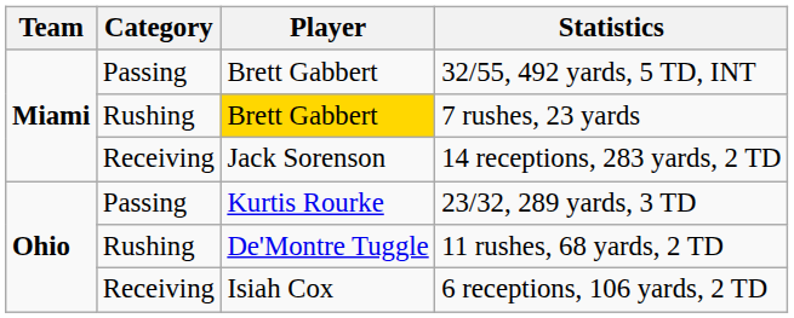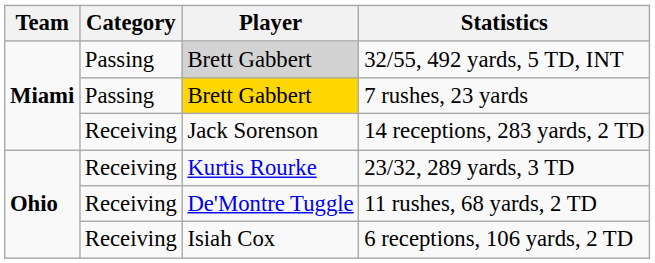 <table class="wikitable" style="float: left;">
 <tr>
 <th>Team</th>
 <th>Category</th>
 <th>Player</th>
 <th>Statistics</th>
 </tr>
 <tr>
 <td rowspan=3><strong>Miami</strong></td>
 <td>Passing</td>
-<td>Brett Gabbert</td>
+<td style="background: lightgrey;">Brett Gabbert</td>
 <td>32/55, 492 yards, 5 TD, INT</td>
 </tr>
 <tr>
-<td>Rushing</td>
+<td>Passing</td>
 <td style="background: gold;">Brett Gabbert</td>
 <td>7 rushes, 23 yards</td>
 </tr>
 <tr>
 <td>Receiving</td>
 <td>Jack Sorenson</td>
 <td>14 receptions, 283 yards, 2 TD</td>
 </tr>
 <tr>
 <td rowspan=3><strong>Ohio</strong></td>
-<td>Passing</td>
+<td>Receiving</td>
 <td><a href='#'>Kurtis Rourke</a></td>
 <td>23/32, 289 yards, 3 TD</td>
 </tr>
 <tr>
-<td>Rushing</td>
+<td>Receiving</td>
 <td><a href='#'>De'Montre Tuggle</a></td>
 <td>11 rushes, 68 yards, 2 TD</td>
 </tr>
 <tr>
 <td>Receiving</td>
 <td>Isiah Cox</td>
 <td>6 receptions, 106 yards, 2 TD</td>
 </tr>
 </table>
